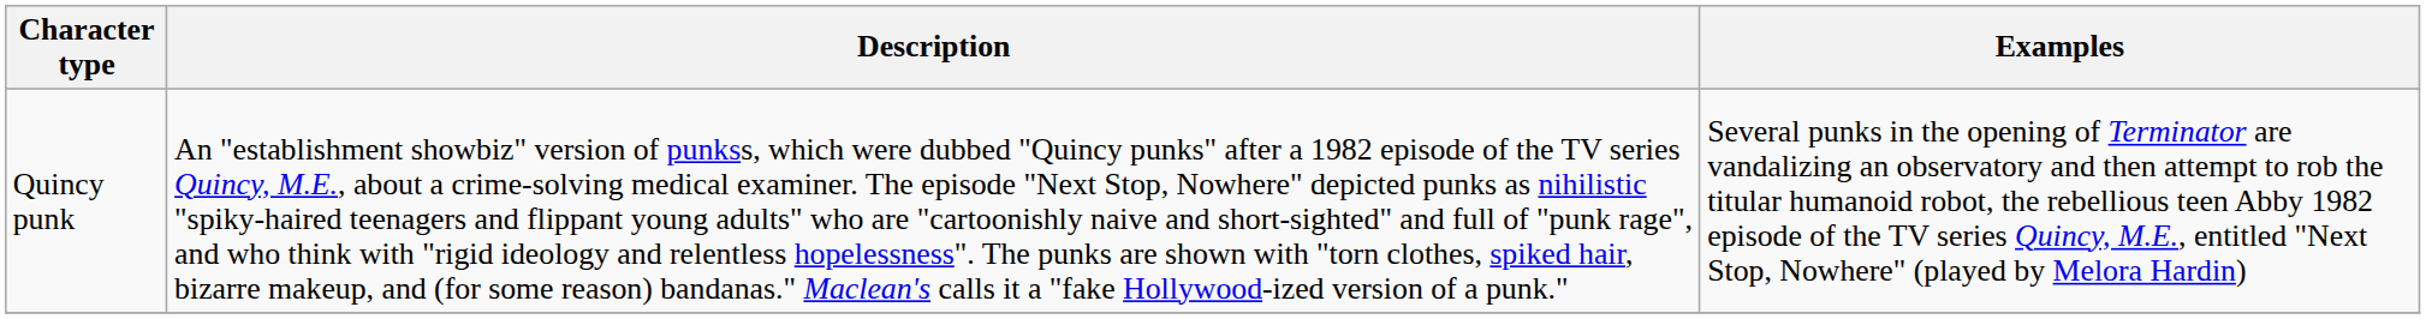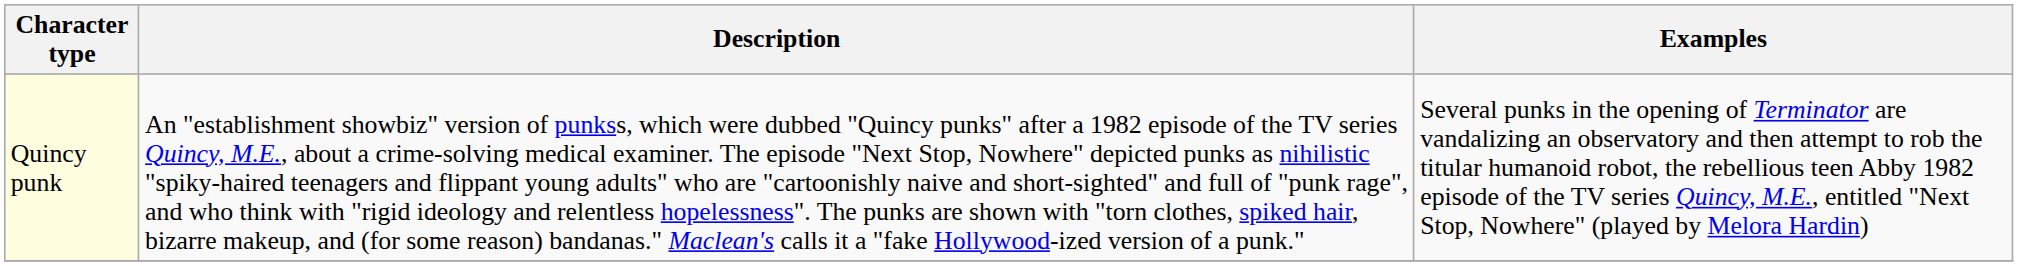 <table class="wikitable">
 <tr>
 <th>Character type</th>
 <th>Description</th>
 <th>Examples</th>
 </tr>
 <tr>
-<td>Quincy punk</td>
+<td style="background: lightyellow;">Quincy punk</td>
 <td><br>An "establishment showbiz" version of <a href='#'>punks</a>s, which were dubbed "Quincy punks" after a 1982 episode of the TV series <em><a href='#'>Quincy, M.E.</a></em>, about a crime-solving medical examiner. The episode "Next Stop, Nowhere" depicted punks as <a href='#'>nihilistic</a> "spiky-haired teenagers and flippant young adults" who are "cartoonishly naive and short-sighted" and full of "punk rage", and who think with "rigid ideology and relentless <a href='#'>hopelessness</a>". The punks are shown with "torn clothes, <a href='#'>spiked hair</a>, bizarre makeup, and (for some reason) bandanas." <em><a href='#'>Maclean's</a></em> calls it a "fake <a href='#'>Hollywood</a>-ized version of a punk."</td>
 <td>Several punks in the opening of <em><a href='#'>Terminator</a></em> are vandalizing an observatory and then attempt to rob the titular humanoid robot, the rebellious teen Abby 1982 episode of the TV series <em><a href='#'>Quincy, M.E.</a></em>, entitled "Next Stop, Nowhere" (played by <a href='#'>Melora Hardin</a>)</td>
 </tr>
 <tr>
 </tr>
 </table>
